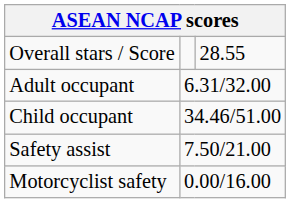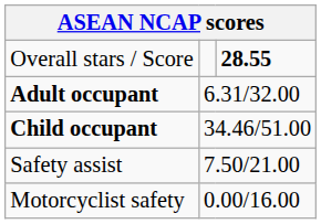 <table class="wikitable">
 <tr>
 <th colspan="3"><a href='#'>ASEAN NCAP</a> scores</th>
 </tr>
 <tr>
 <td>Overall stars / Score</td>
 <td></td>
-<td>28.55</td>
+<td><strong>28.55</strong></td>
 </tr>
 <tr>
-<td>Adult occupant</td>
+<td><strong>Adult occupant</strong></td>
 <td colspan="2">6.31/32.00</td>
 </tr>
 <tr>
-<td>Child occupant</td>
+<td><strong>Child occupant</strong></td>
 <td colspan="2">34.46/51.00</td>
 </tr>
 <tr>
 <td>Safety assist</td>
 <td colspan="2">7.50/21.00</td>
 </tr>
 <tr>
 <td>Motorcyclist safety</td>
 <td colspan="2">0.00/16.00</td>
 </tr>
 </table>
